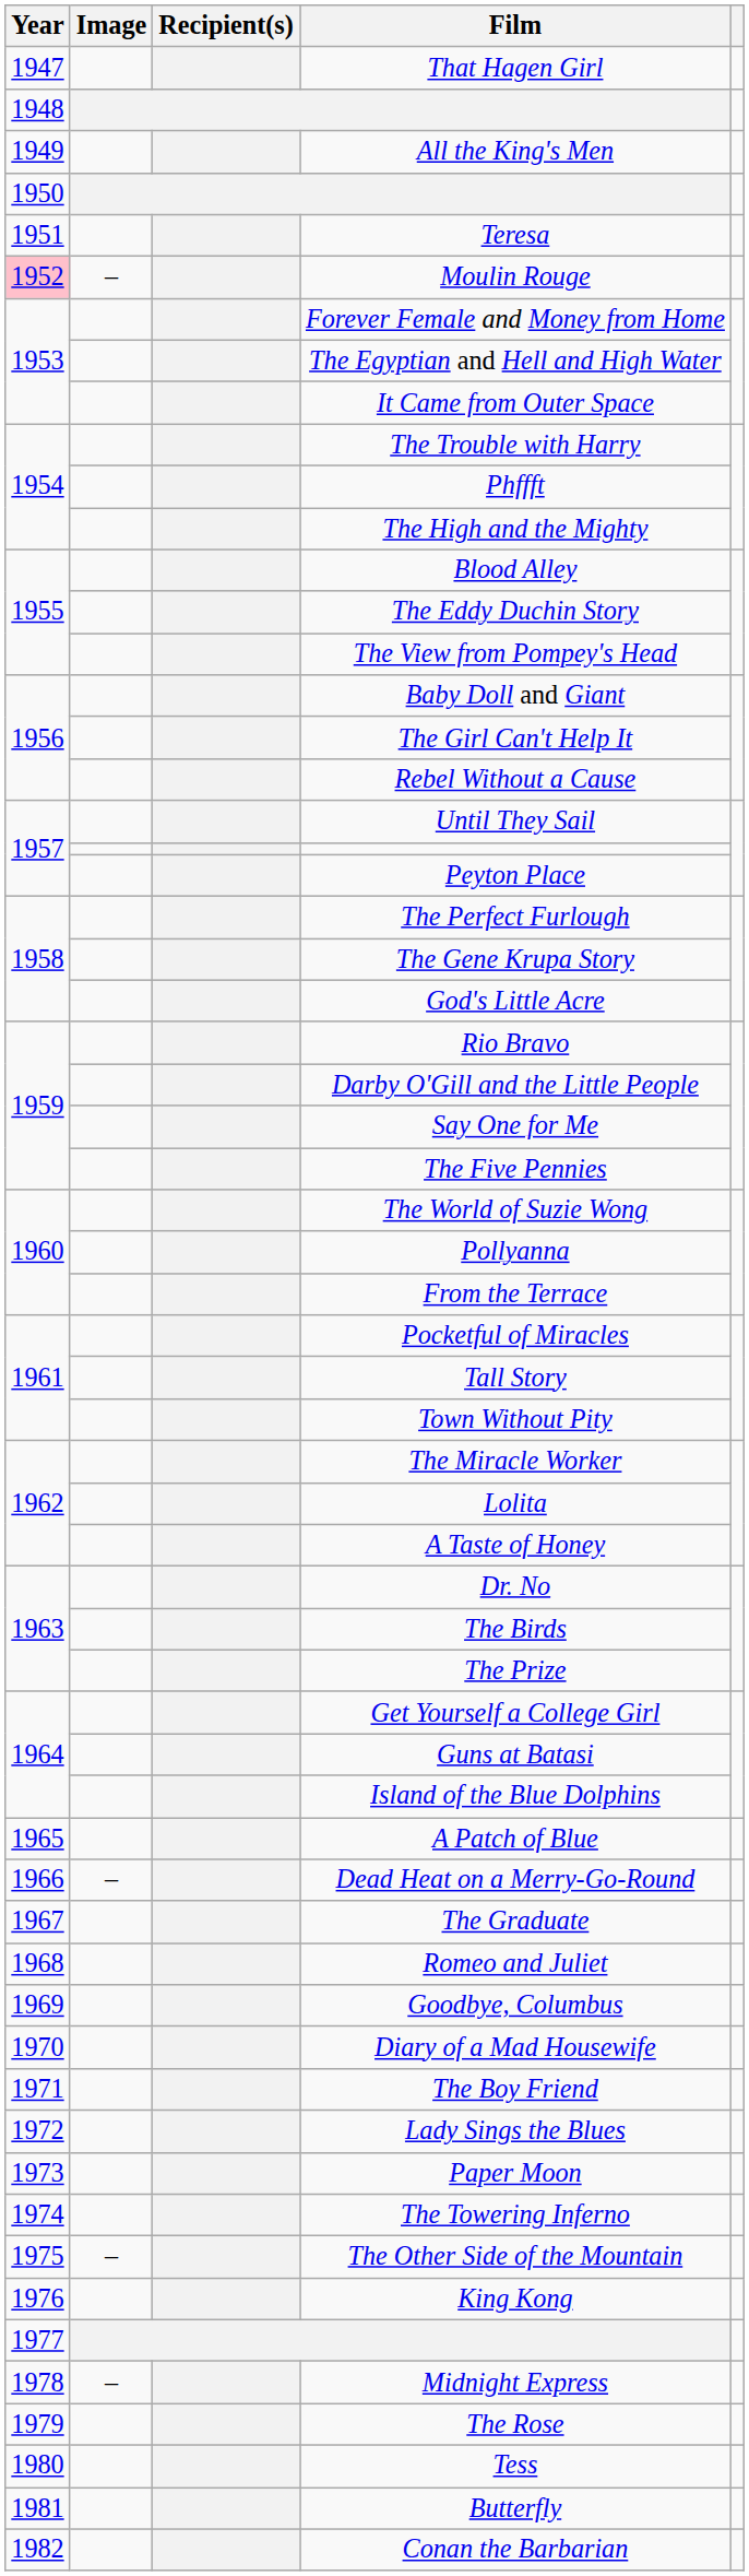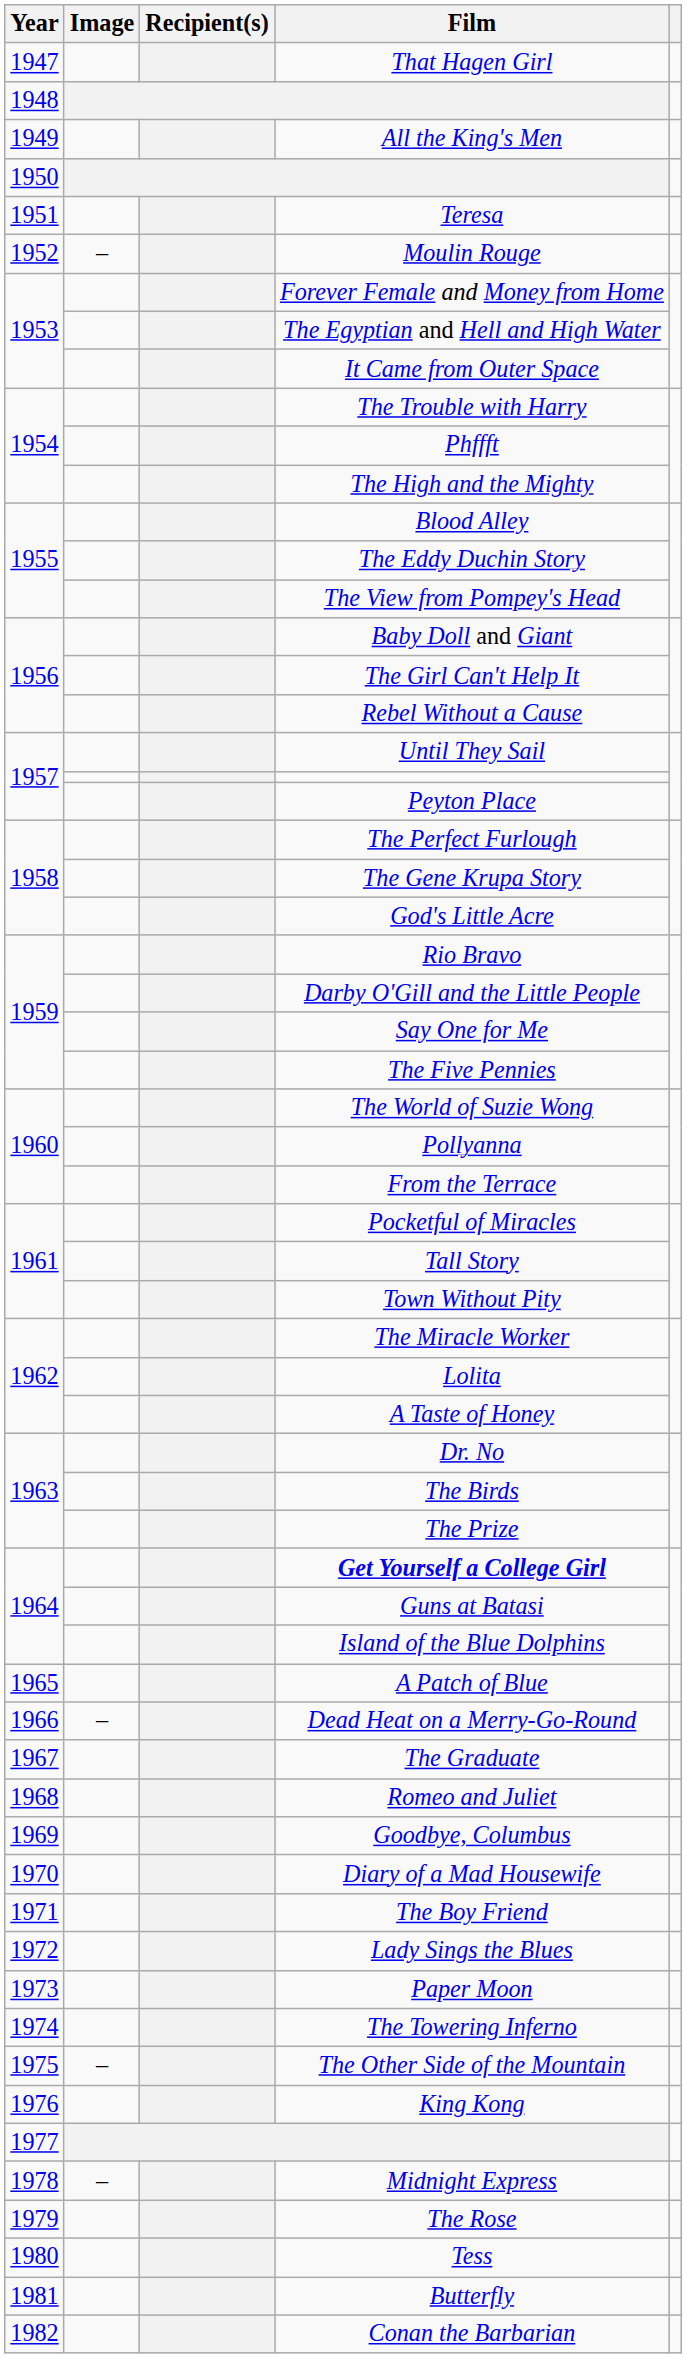 <table class="wikitable sortable plainrowheaders" style="text-align:center;">
 <tr>
 <th scope="col">Year</th>
 <th scope="col" class="unsortable">Image</th>
 <th scope="col">Recipient(s)</th>
 <th scope="col" class="unsortable">Film</th>
 <th scope="col" class="unsortable"></th>
 </tr>
 <tr>
 <td><a href='#'>1947</a></td>
 <td></td>
 <th scope="row"></th>
 <td><em><a href='#'>That Hagen Girl</a></em></td>
 <td></td>
 </tr>
 <tr>
 <td><a href='#'>1948</a></td>
 <th scope="row" colspan="3" style="text-align:center;"></th>
 <td></td>
 </tr>
 <tr>
 <td><a href='#'>1949</a></td>
 <td></td>
 <th scope="row"></th>
 <td><em><a href='#'>All the King's Men</a></em></td>
 <td></td>
 </tr>
 <tr>
 <td><a href='#'>1950</a></td>
 <th scope="row" colspan="3" style="text-align:center;"></th>
 <td></td>
 </tr>
 <tr>
 <td><a href='#'>1951</a></td>
 <td></td>
 <th scope="row"></th>
 <td><em><a href='#'>Teresa</a></em></td>
 <td></td>
 </tr>
 <tr>
-<td style="background: pink;"><a href='#'>1952</a></td>
+<td><a href='#'>1952</a></td>
 <td>–</td>
 <th scope="row"></th>
 <td><em><a href='#'>Moulin Rouge</a></em></td>
 <td></td>
 </tr>
 <tr>
 <td rowspan="3"><a href='#'>1953</a></td>
 <td></td>
 <th scope="row"></th>
 <td><em><a href='#'>Forever Female</a> and <a href='#'>Money from Home</a></em></td>
 <td rowspan="3"></td>
 </tr>
 <tr>
 <td></td>
 <th scope="row"></th>
 <td><em><a href='#'>The Egyptian</a></em> and <em><a href='#'>Hell and High Water</a></em></td>
 </tr>
 <tr>
 <td></td>
 <th scope="row"></th>
 <td><em><a href='#'>It Came from Outer Space</a></em></td>
 </tr>
 <tr>
 <td rowspan="3"><a href='#'>1954</a></td>
 <td></td>
 <th scope="row"></th>
 <td><em><a href='#'>The Trouble with Harry</a></em></td>
 <td rowspan="3"></td>
 </tr>
 <tr>
 <td></td>
 <th scope="row"></th>
 <td><em><a href='#'>Phffft</a></em></td>
 </tr>
 <tr>
 <td></td>
 <th scope="row"></th>
 <td><em><a href='#'>The High and the Mighty</a></em></td>
 </tr>
 <tr>
 <td rowspan="3"><a href='#'>1955</a></td>
 <td></td>
 <th scope="row"></th>
 <td><em><a href='#'>Blood Alley</a></em></td>
 <td rowspan="3"></td>
 </tr>
 <tr>
 <td></td>
 <th scope="row"></th>
 <td><em><a href='#'>The Eddy Duchin Story</a></em></td>
 </tr>
 <tr>
 <td></td>
 <th scope="row"></th>
 <td><em><a href='#'>The View from Pompey's Head</a></em></td>
 </tr>
 <tr>
 <td rowspan="3"><a href='#'>1956</a></td>
 <td></td>
 <th scope="row"></th>
 <td><em><a href='#'>Baby Doll</a></em> and <em><a href='#'>Giant</a></em></td>
 <td rowspan="3"></td>
 </tr>
 <tr>
 <td></td>
 <th scope="row"></th>
 <td><em><a href='#'>The Girl Can't Help It</a></em></td>
 </tr>
 <tr>
 <td></td>
 <th scope="row"></th>
 <td><em><a href='#'>Rebel Without a Cause</a></em></td>
 </tr>
 <tr>
 <td rowspan="3"><a href='#'>1957</a></td>
 <td></td>
 <th scope="row"></th>
 <td><em><a href='#'>Until They Sail</a></em></td>
 <td rowspan="3"></td>
 </tr>
 <tr>
 <td></td>
 <th scope="row"></th>
 <td></td>
 </tr>
 <tr>
 <td></td>
 <th scope="row"></th>
 <td><em><a href='#'>Peyton Place</a></em></td>
 </tr>
 <tr>
 <td rowspan="3"><a href='#'>1958</a></td>
 <td></td>
 <th scope="row"></th>
 <td><em><a href='#'>The Perfect Furlough</a></em></td>
 <td rowspan="3"></td>
 </tr>
 <tr>
 <td></td>
 <th scope="row"></th>
 <td><em><a href='#'>The Gene Krupa Story</a></em></td>
 </tr>
 <tr>
 <td></td>
 <th scope="row"></th>
 <td><em><a href='#'>God's Little Acre</a></em></td>
 </tr>
 <tr>
 <td rowspan="4"><a href='#'>1959</a></td>
 <td></td>
 <th scope="row"></th>
 <td><em><a href='#'>Rio Bravo</a></em></td>
 <td rowspan="4"></td>
 </tr>
 <tr>
 <td></td>
 <th scope="row"></th>
 <td><em><a href='#'>Darby O'Gill and the Little People</a></em></td>
 </tr>
 <tr>
 <td></td>
 <th scope="row"></th>
 <td><em><a href='#'>Say One for Me</a></em></td>
 </tr>
 <tr>
 <td></td>
 <th scope="row"></th>
 <td><em><a href='#'>The Five Pennies</a></em></td>
 </tr>
 <tr>
 <td rowspan="3"><a href='#'>1960</a></td>
 <td></td>
 <th scope="row"></th>
 <td><em><a href='#'>The World of Suzie Wong</a></em></td>
 <td rowspan="3"></td>
 </tr>
 <tr>
 <td></td>
 <th scope="row"></th>
 <td><em><a href='#'>Pollyanna</a></em></td>
 </tr>
 <tr>
 <td></td>
 <th scope="row"></th>
 <td><em><a href='#'>From the Terrace</a></em></td>
 </tr>
 <tr>
 <td rowspan="3"><a href='#'>1961</a></td>
 <td></td>
 <th scope="row"></th>
 <td><em><a href='#'>Pocketful of Miracles</a></em></td>
 <td rowspan="3"></td>
 </tr>
 <tr>
 <td></td>
 <th scope="row"></th>
 <td><em><a href='#'>Tall Story</a></em></td>
 </tr>
 <tr>
 <td></td>
 <th scope="row"></th>
 <td><em><a href='#'>Town Without Pity</a></em></td>
 </tr>
 <tr>
 <td rowspan="3"><a href='#'>1962</a></td>
 <td></td>
 <th scope="row"></th>
 <td><em><a href='#'>The Miracle Worker</a></em></td>
 <td rowspan="3"></td>
 </tr>
 <tr>
 <td></td>
 <th scope="row"></th>
 <td><em><a href='#'>Lolita</a></em></td>
 </tr>
 <tr>
 <td></td>
 <th scope="row"></th>
 <td><em><a href='#'>A Taste of Honey</a></em></td>
 </tr>
 <tr>
 <td rowspan="3"><a href='#'>1963</a></td>
 <td></td>
 <th scope="row"></th>
 <td><em><a href='#'>Dr. No</a></em></td>
 <td rowspan="3"></td>
 </tr>
 <tr>
 <td></td>
 <th scope="row"></th>
 <td><em><a href='#'>The Birds</a></em></td>
 </tr>
 <tr>
 <td></td>
 <th scope="row"></th>
 <td><em><a href='#'>The Prize</a></em></td>
 </tr>
 <tr>
 <td rowspan="3"><a href='#'>1964</a></td>
 <td></td>
 <th scope="row"></th>
-<td><em><a href='#'>Get Yourself a College Girl</a></em></td>
+<td><strong><em><a href='#'>Get Yourself a College Girl</a></em></strong></td>
 <td rowspan="3"></td>
 </tr>
 <tr>
 <td></td>
 <th scope="row"></th>
 <td><em><a href='#'>Guns at Batasi</a></em></td>
 </tr>
 <tr>
 <td></td>
 <th scope="row"></th>
 <td><em><a href='#'>Island of the Blue Dolphins</a></em></td>
 </tr>
 <tr>
 <td><a href='#'>1965</a></td>
 <td></td>
 <th scope="row"></th>
 <td><em><a href='#'>A Patch of Blue</a></em></td>
 <td></td>
 </tr>
 <tr>
 <td><a href='#'>1966</a></td>
 <td>–</td>
 <th scope="row"></th>
 <td><em><a href='#'>Dead Heat on a Merry-Go-Round</a></em></td>
 <td></td>
 </tr>
 <tr>
 <td><a href='#'>1967</a></td>
 <td></td>
 <th scope="row"></th>
 <td><em><a href='#'>The Graduate</a></em></td>
 <td></td>
 </tr>
 <tr>
 <td><a href='#'>1968</a></td>
 <td></td>
 <th scope="row"></th>
 <td><em><a href='#'>Romeo and Juliet</a></em></td>
 <td></td>
 </tr>
 <tr>
 <td><a href='#'>1969</a></td>
 <td></td>
 <th scope="row"></th>
 <td><em><a href='#'>Goodbye, Columbus</a></em></td>
 <td></td>
 </tr>
 <tr>
 <td><a href='#'>1970</a></td>
 <td></td>
 <th scope="row"></th>
 <td><em><a href='#'>Diary of a Mad Housewife</a></em></td>
 <td></td>
 </tr>
 <tr>
 <td><a href='#'>1971</a></td>
 <td></td>
 <th scope="row"></th>
 <td><em><a href='#'>The Boy Friend</a></em></td>
 <td></td>
 </tr>
 <tr>
 <td><a href='#'>1972</a></td>
 <td></td>
 <th scope="row"></th>
 <td><em><a href='#'>Lady Sings the Blues</a></em></td>
 <td></td>
 </tr>
 <tr>
 <td><a href='#'>1973</a></td>
 <td></td>
 <th scope="row"></th>
 <td><em><a href='#'>Paper Moon</a></em></td>
 <td></td>
 </tr>
 <tr>
 <td><a href='#'>1974</a></td>
 <td></td>
 <th scope="row"></th>
 <td><em><a href='#'>The Towering Inferno</a></em></td>
 <td></td>
 </tr>
 <tr>
 <td><a href='#'>1975</a></td>
 <td>–</td>
 <th scope="row"></th>
 <td><em><a href='#'>The Other Side of the Mountain</a></em></td>
 <td></td>
 </tr>
 <tr>
 <td><a href='#'>1976</a></td>
 <td></td>
 <th scope="row"></th>
 <td><em><a href='#'>King Kong</a></em></td>
 <td></td>
 </tr>
 <tr>
 <td><a href='#'>1977</a></td>
 <th colspan="3" scope="row" style="text-align:center;"></th>
 <td></td>
 </tr>
 <tr>
 <td><a href='#'>1978</a></td>
 <td>–</td>
 <th scope="row"></th>
 <td><em><a href='#'>Midnight Express</a></em></td>
 <td></td>
 </tr>
 <tr>
 <td><a href='#'>1979</a></td>
 <td></td>
 <th scope="row"></th>
 <td><em><a href='#'>The Rose</a></em></td>
 <td></td>
 </tr>
 <tr>
 <td><a href='#'>1980</a></td>
 <td></td>
 <th scope="row"></th>
 <td><em><a href='#'>Tess</a></em></td>
 <td></td>
 </tr>
 <tr>
 <td><a href='#'>1981</a></td>
 <td></td>
 <th scope="row"></th>
 <td><em><a href='#'>Butterfly</a></em></td>
 <td></td>
 </tr>
 <tr>
 <td><a href='#'>1982</a></td>
 <td></td>
 <th scope="row"></th>
 <td><em><a href='#'>Conan the Barbarian</a></em></td>
 <td></td>
 </tr>
 </table>
